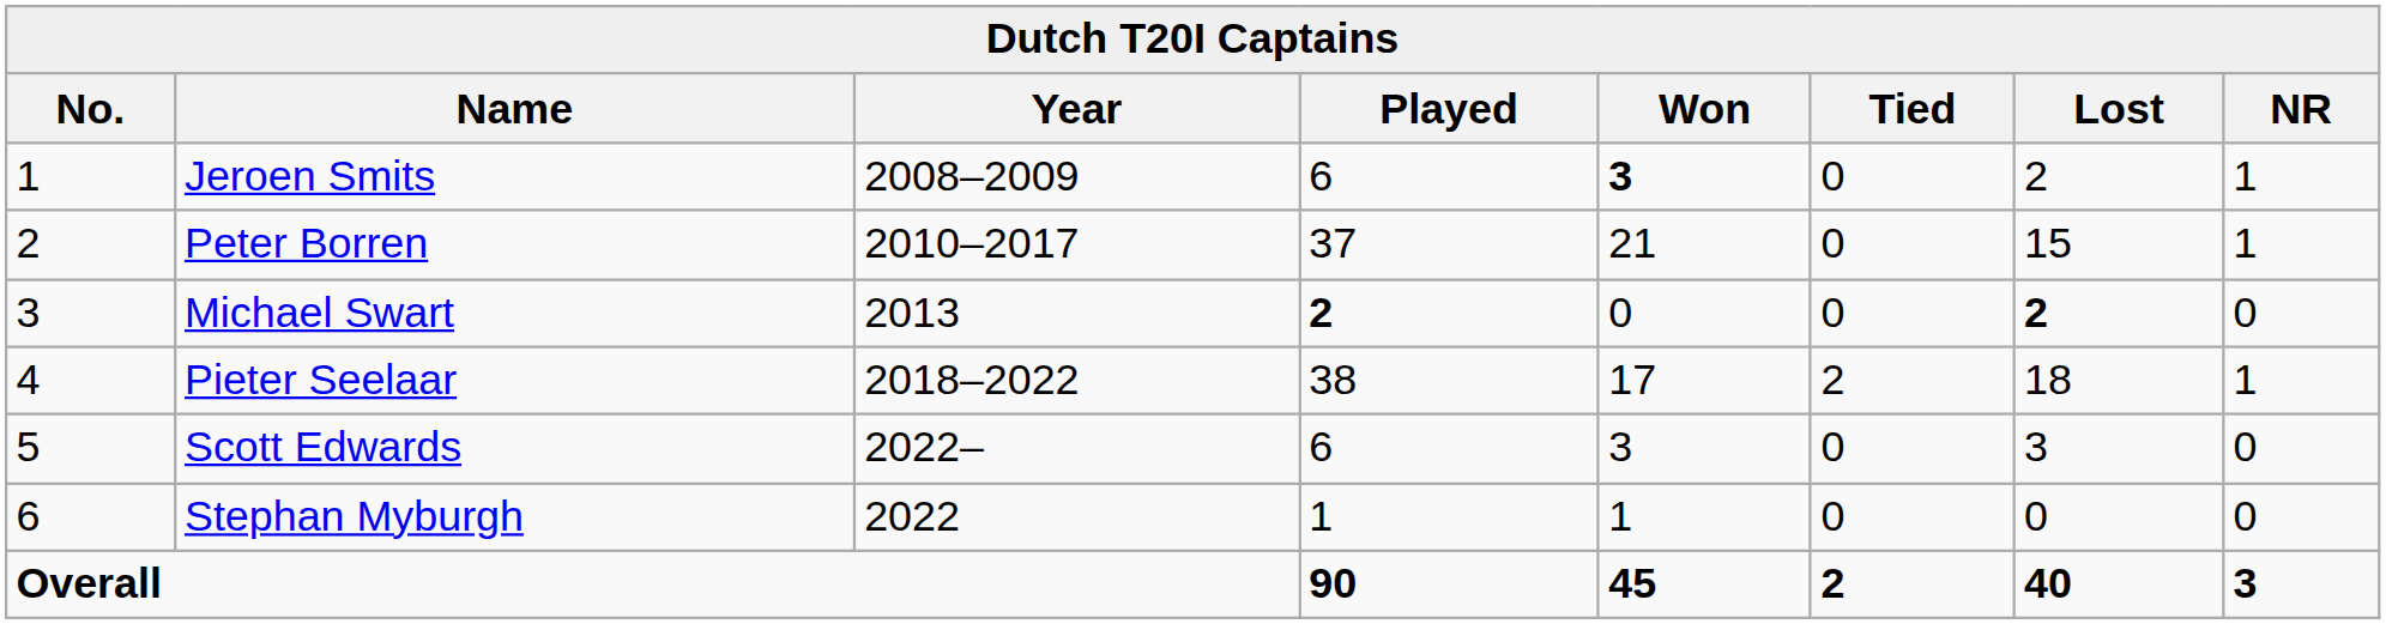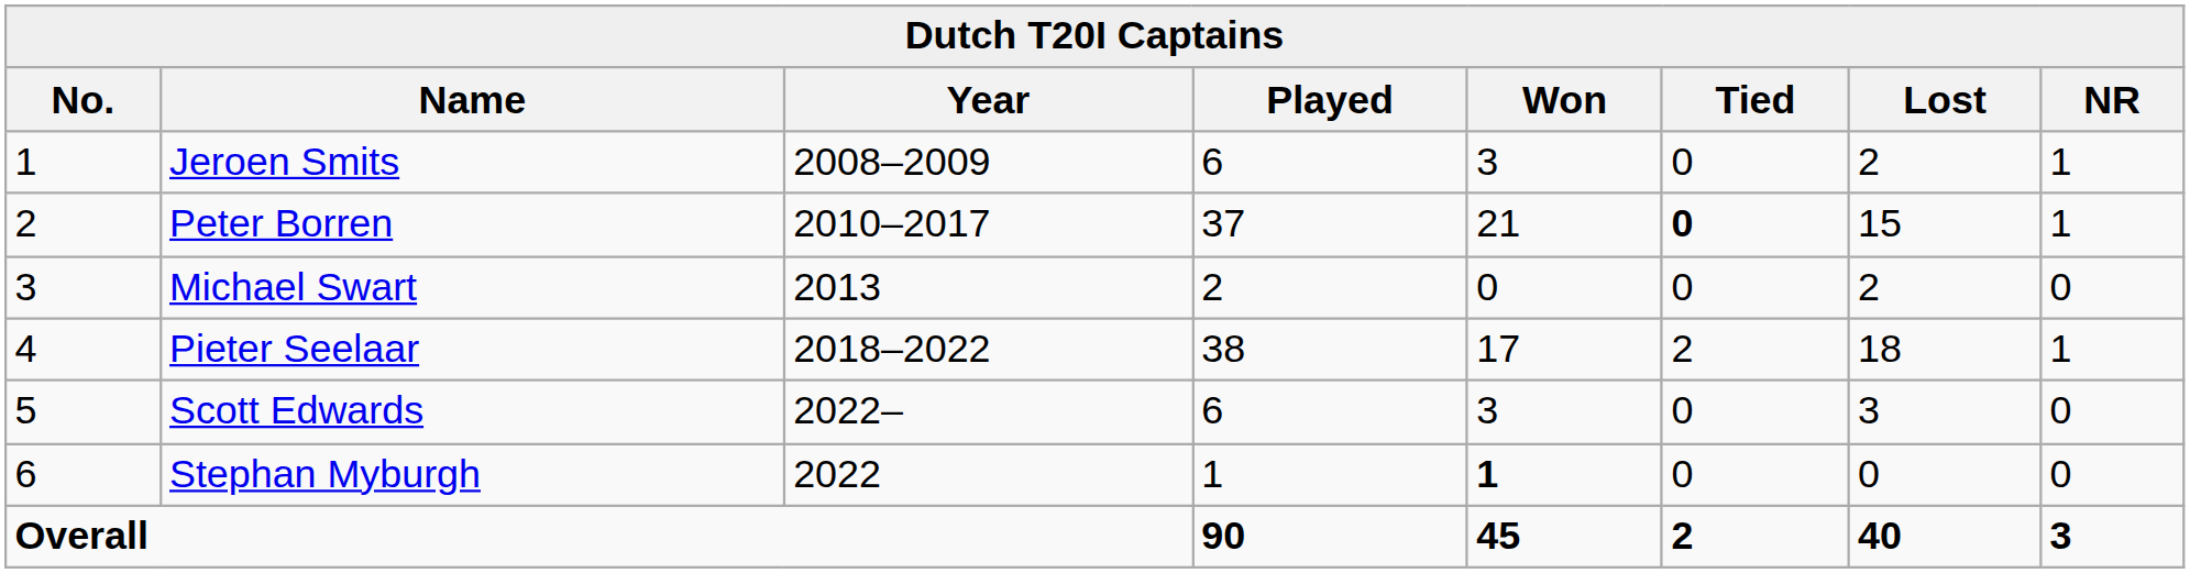 <table class="wikitable" style="width:70%;">
 <tr>
 <th colspan="8" style="background:#efefef;">Dutch T20I Captains</th>
 </tr>
 <tr style="background:#efefef;">
 <th>No.</th>
 <th>Name</th>
 <th>Year</th>
 <th>Played</th>
 <th>Won</th>
 <th>Tied</th>
 <th>Lost</th>
 <th>NR</th>
 </tr>
 <tr>
 <td>1</td>
 <td><a href='#'>Jeroen Smits</a></td>
 <td>2008–2009</td>
 <td>6</td>
-<td><strong>3</strong></td>
+<td>3</td>
 <td>0</td>
 <td>2</td>
 <td>1</td>
 </tr>
 <tr>
 <td>2</td>
 <td><a href='#'>Peter Borren</a></td>
 <td>2010–2017</td>
 <td>37</td>
 <td>21</td>
-<td>0</td>
+<td><strong>0</strong></td>
 <td>15</td>
 <td>1</td>
 </tr>
 <tr>
 <td>3</td>
 <td><a href='#'>Michael Swart</a></td>
 <td>2013</td>
-<td><strong>2</strong></td>
+<td>2</td>
 <td>0</td>
 <td>0</td>
-<td><strong>2</strong></td>
+<td>2</td>
 <td>0</td>
 </tr>
 <tr>
 <td>4</td>
 <td><a href='#'>Pieter Seelaar</a></td>
 <td>2018–2022</td>
 <td>38</td>
 <td>17</td>
 <td>2</td>
 <td>18</td>
 <td>1</td>
 </tr>
 <tr>
 <td>5</td>
 <td><a href='#'>Scott Edwards</a></td>
 <td>2022–</td>
 <td>6</td>
 <td>3</td>
 <td>0</td>
 <td>3</td>
 <td>0</td>
 </tr>
 <tr>
 <td>6</td>
 <td><a href='#'>Stephan Myburgh</a></td>
 <td>2022</td>
 <td>1</td>
-<td>1</td>
+<td><strong>1</strong></td>
 <td>0</td>
 <td>0</td>
 <td>0</td>
 </tr>
 <tr>
 <td colspan="3"><strong>Overall</strong></td>
 <td><strong>90</strong></td>
 <td><strong>45</strong></td>
 <td><strong>2</strong></td>
 <td><strong>40</strong></td>
 <td><strong>3</strong></td>
 </tr>
 </table>
